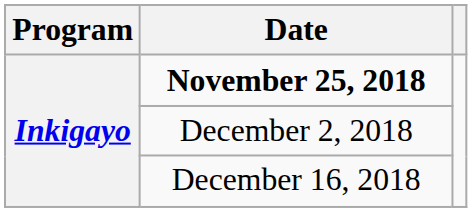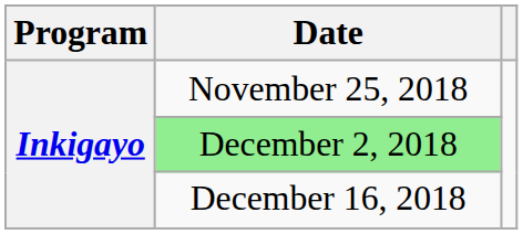 <table class="wikitable plainrowheaders" style="text-align:center;">
 <tr>
 <th scope="col">Program</th>
 <th scope="col" width="150">Date</th>
 <th></th>
 </tr>
 <tr>
 <th scope="row" rowspan="3"><em><a href='#'>Inkigayo</a></em></th>
-<td><strong>November 25, 2018</strong></td>
+<td>November 25, 2018</td>
 <td rowspan="3"></td>
 </tr>
 <tr>
-<td>December 2, 2018</td>
+<td style="background: lightgreen;">December 2, 2018</td>
 </tr>
 <tr>
 <td>December 16, 2018</td>
 </tr>
 </table>
